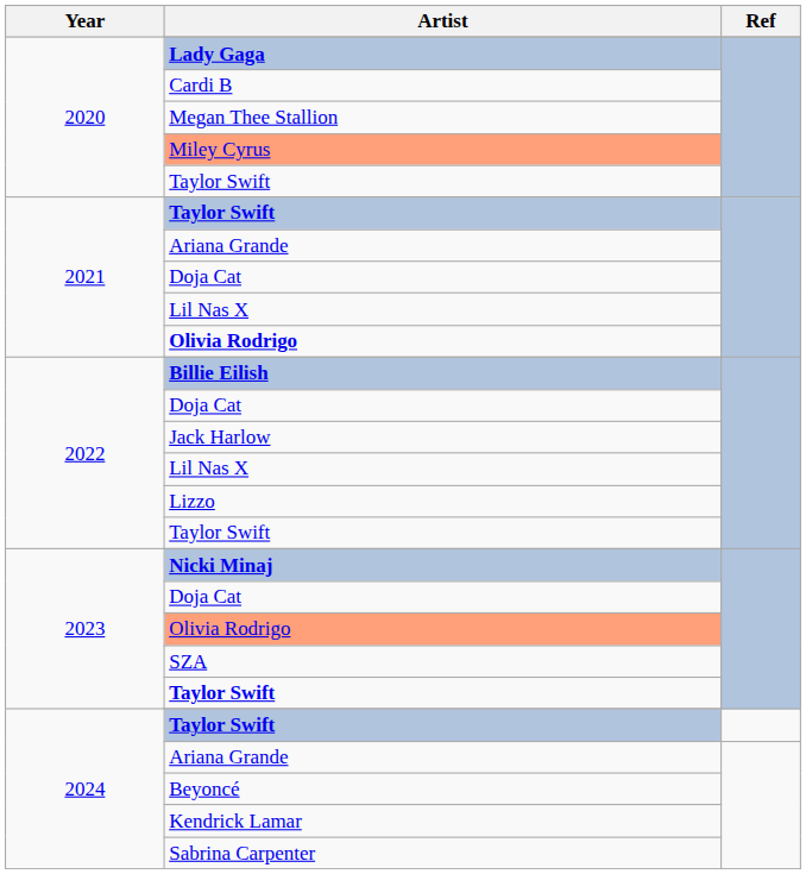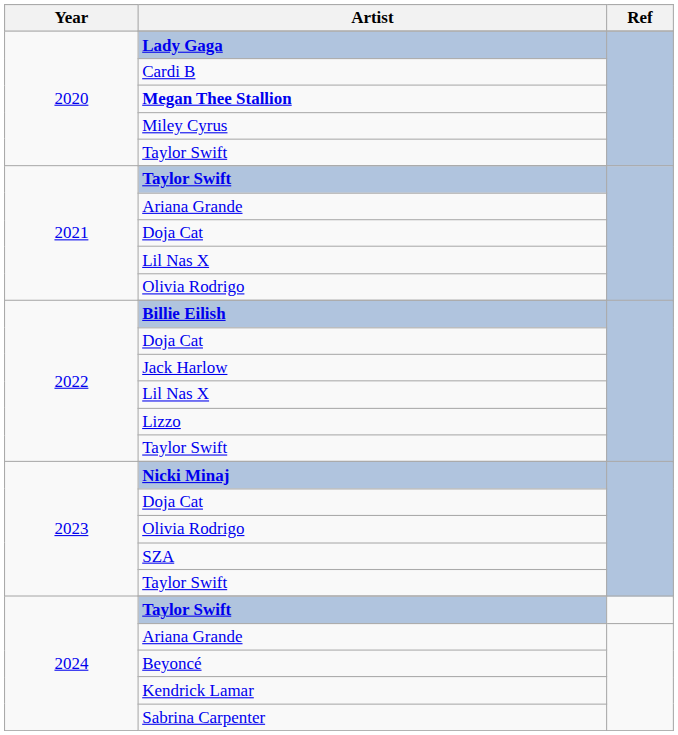 <table class="wikitable" style="width:50%;">
 <tr style="background:#bebebe;">
 <th style="width:10%;">Year</th>
 <th style="width:35%;">Artist</th>
 <th style="width:5%;">Ref</th>
 </tr>
 <tr>
 <td rowspan="6" align="center"><a href='#'>2020</a></td>
 </tr>
 <tr style="background:#B0C4DE">
 <td><strong><a href='#'>Lady Gaga</a></strong></td>
 <td rowspan="6" align="center"></td>
 </tr>
 <tr>
 <td><a href='#'>Cardi B</a></td>
 </tr>
 <tr>
-<td><a href='#'>Megan Thee Stallion</a></td>
+<td><strong><a href='#'>Megan Thee Stallion</a></strong></td>
 </tr>
 <tr>
-<td style="background: lightsalmon;"><a href='#'>Miley Cyrus</a></td>
+<td><a href='#'>Miley Cyrus</a></td>
 </tr>
 <tr>
 <td><a href='#'>Taylor Swift</a></td>
 </tr>
 <tr>
 <td rowspan="6" align="center"><a href='#'>2021</a></td>
 </tr>
 <tr style="background:#B0C4DE">
 <td><strong><a href='#'>Taylor Swift</a></strong></td>
 <td rowspan="6" align="center"></td>
 </tr>
 <tr>
 <td><a href='#'>Ariana Grande</a></td>
 </tr>
 <tr>
 <td><a href='#'>Doja Cat</a></td>
 </tr>
 <tr>
 <td><a href='#'>Lil Nas X</a></td>
 </tr>
 <tr>
-<td><strong><a href='#'>Olivia Rodrigo</a></strong></td>
+<td><a href='#'>Olivia Rodrigo</a></td>
 </tr>
 <tr>
 <td rowspan="7" align="center"><a href='#'>2022</a></td>
 </tr>
 <tr style="background:#B0C4DE">
 <td><strong><a href='#'>Billie Eilish</a></strong></td>
 <td rowspan="7" align="center"></td>
 </tr>
 <tr>
 <td><a href='#'>Doja Cat</a></td>
 </tr>
 <tr>
 <td><a href='#'>Jack Harlow</a></td>
 </tr>
 <tr>
 <td><a href='#'>Lil Nas X</a></td>
 </tr>
 <tr>
 <td><a href='#'>Lizzo</a></td>
 </tr>
 <tr>
 <td><a href='#'>Taylor Swift</a></td>
 </tr>
 <tr>
 <td rowspan="6" align="center"><a href='#'>2023</a></td>
 </tr>
 <tr style="background:#B0C4DE">
 <td><strong><a href='#'>Nicki Minaj</a></strong></td>
 <td rowspan="6" align="center"></td>
 </tr>
 <tr>
 <td><a href='#'>Doja Cat</a></td>
 </tr>
 <tr>
-<td style="background: lightsalmon;"><a href='#'>Olivia Rodrigo</a></td>
+<td><a href='#'>Olivia Rodrigo</a></td>
 </tr>
 <tr>
 <td><a href='#'>SZA</a></td>
 </tr>
 <tr>
-<td><strong><a href='#'>Taylor Swift</a></strong></td>
+<td><a href='#'>Taylor Swift</a></td>
 </tr>
 <tr>
 <td rowspan="6" align="center"><a href='#'>2024</a></td>
 </tr>
 <tr style="background:#B0C4DE">
 <td><strong><a href='#'>Taylor Swift</a></strong></td>
 </tr>
 <tr>
 <td><a href='#'>Ariana Grande</a></td>
 <td rowspan="6" align="center"></td>
 </tr>
 <tr>
 <td><a href='#'>Beyoncé</a></td>
 </tr>
 <tr>
 <td><a href='#'>Kendrick Lamar</a></td>
 </tr>
 <tr>
 <td><a href='#'>Sabrina Carpenter</a></td>
 </tr>
 </table>
